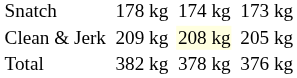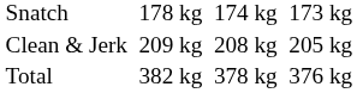 <table>
 <tr>
 <td>Snatch</td>
 <td></td>
 <td>178 kg</td>
 <td></td>
 <td>174 kg</td>
 <td></td>
 <td>173 kg</td>
 </tr>
 <tr>
 <td>Clean & Jerk</td>
 <td></td>
 <td>209 kg</td>
 <td></td>
-<td style="background: lightyellow;">208 kg</td>
+<td>208 kg</td>
 <td></td>
 <td>205 kg</td>
 </tr>
 <tr>
 <td>Total</td>
 <td></td>
 <td>382 kg</td>
 <td></td>
 <td>378 kg</td>
 <td></td>
 <td>376 kg</td>
 </tr>
 </table>
